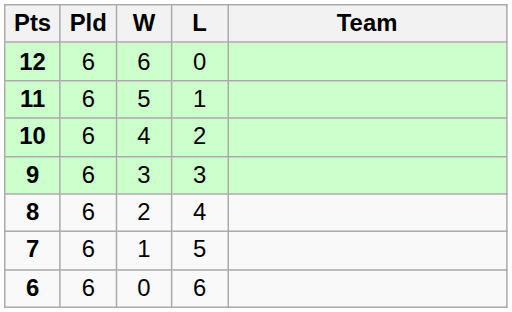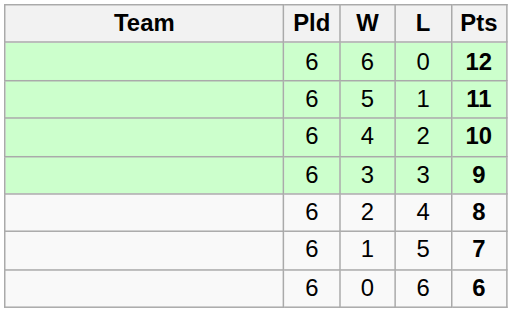 <table class=wikitable style="text-align:center">
 <tr>
-<th width=30>Pts</th>
+<th width=180>Team</th>
 <th width=30>Pld</th>
 <th width=30>W</th>
 <th width=30>L</th>
-<th width=180>Team</th>
+<th width=30>Pts</th>
 </tr>
 <tr align=center bgcolor="#ccffcc">
-<td><strong>12</strong></td>
+<td align="left"></td>
 <td>6</td>
 <td>6</td>
 <td>0</td>
-<td align="left"></td>
+<td><strong>12</strong></td>
 </tr>
 <tr align=center bgcolor="#ccffcc">
-<td><strong>11</strong></td>
+<td align="left"></td>
 <td>6</td>
 <td>5</td>
 <td>1</td>
-<td align="left"></td>
+<td><strong>11</strong></td>
 </tr>
 <tr align=center bgcolor="#ccffcc">
-<td><strong>10</strong></td>
+<td align="left"></td>
 <td>6</td>
 <td>4</td>
 <td>2</td>
-<td align="left"></td>
+<td><strong>10</strong></td>
 </tr>
 <tr align=center bgcolor="#ccffcc">
-<td><strong>9</strong></td>
+<td align="left"></td>
 <td>6</td>
 <td>3</td>
 <td>3</td>
-<td align="left"></td>
+<td><strong>9</strong></td>
 </tr>
 <tr>
-<td><strong>8</strong></td>
+<td align="left"></td>
 <td>6</td>
 <td>2</td>
 <td>4</td>
-<td align="left"></td>
+<td><strong>8</strong></td>
 </tr>
 <tr>
-<td><strong>7</strong></td>
+<td align="left"></td>
 <td>6</td>
 <td>1</td>
 <td>5</td>
-<td align="left"></td>
+<td><strong>7</strong></td>
 </tr>
 <tr>
-<td><strong>6</strong></td>
+<td align="left"></td>
 <td>6</td>
 <td>0</td>
 <td>6</td>
-<td align="left"></td>
+<td><strong>6</strong></td>
 </tr>
 </table>
